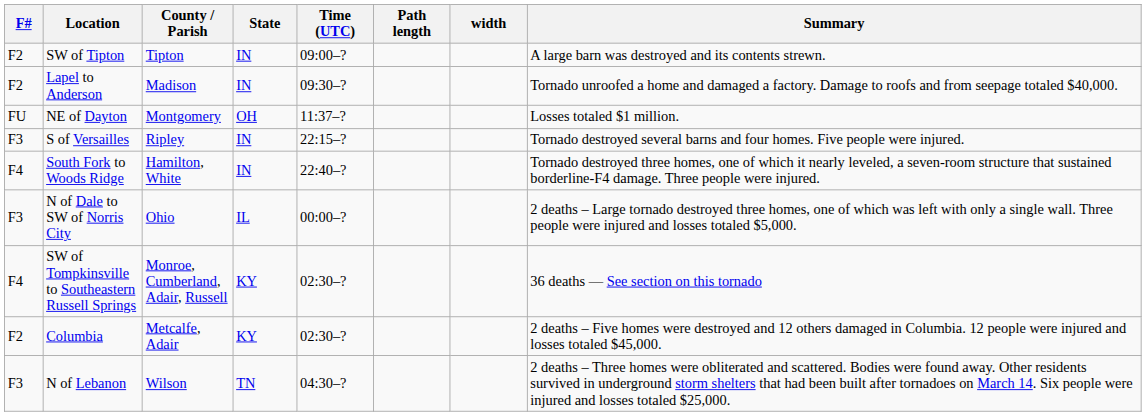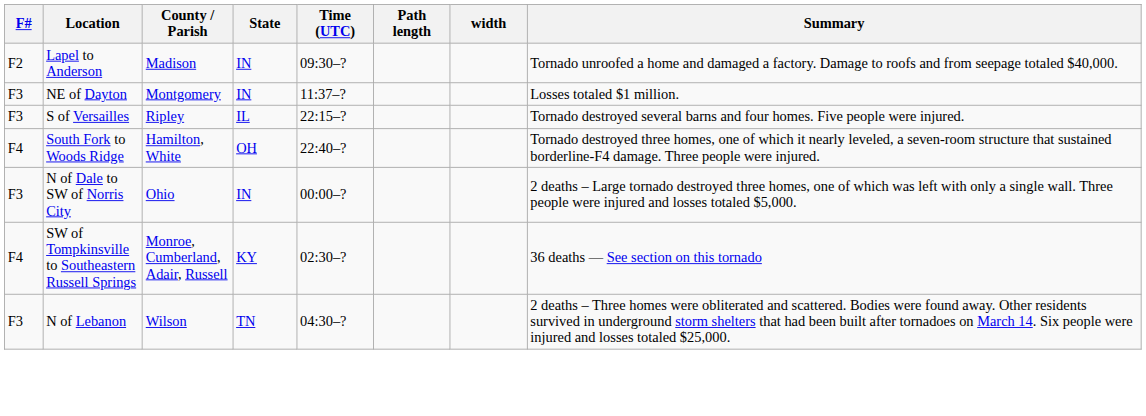 <table class="wikitable sortable" style="width:100%;">
 <tr>
 <th scope="col"  style="width:3%; text-align:center;"><a href='#'>F#</a></th>
 <th scope="col"  style="width:7%; text-align:center;" class="unsortable">Location</th>
 <th scope="col"  style="width:6%; text-align:center;" class="unsortable">County / Parish</th>
 <th scope="col"  style="width:5%; text-align:center;">State</th>
 <th scope="col"  style="width:6%; text-align:center;">Time (<a href='#'>UTC</a>)</th>
 <th scope="col"  style="width:6%; text-align:center;">Path length</th>
 <th scope="col"  style="width:6%; text-align:center;"> width</th>
 <th scope="col" class="unsortable" style="width:48%; text-align:center;">Summary</th>
 </tr>
 <tr>
 <td>F2</td>
-<td>SW of <a href='#'>Tipton</a></td>
-<td><a href='#'>Tipton</a></td>
-<td><a href='#'>IN</a></td>
-<td>09:00–?</td>
-<td></td>
-<td></td>
-<td>A large barn was destroyed and its contents strewn.</td>
-</tr>
-<tr>
-<td>F2</td>
 <td><a href='#'>Lapel</a> to <a href='#'>Anderson</a></td>
 <td><a href='#'>Madison</a></td>
 <td><a href='#'>IN</a></td>
 <td>09:30–?</td>
 <td></td>
 <td></td>
 <td>Tornado unroofed a home and damaged a factory. Damage to roofs and from seepage totaled $40,000.</td>
 </tr>
 <tr>
-<td>FU</td>
+<td>F3</td>
 <td>NE of <a href='#'>Dayton</a></td>
 <td><a href='#'>Montgomery</a></td>
-<td><a href='#'>OH</a></td>
+<td><a href='#'>IN</a></td>
 <td>11:37–?</td>
 <td></td>
 <td></td>
 <td>Losses totaled $1 million.</td>
 </tr>
 <tr>
 <td>F3</td>
 <td>S of <a href='#'>Versailles</a></td>
 <td><a href='#'>Ripley</a></td>
-<td><a href='#'>IN</a></td>
+<td><a href='#'>IL</a></td>
 <td>22:15–?</td>
 <td></td>
 <td></td>
 <td>Tornado destroyed several barns and four homes. Five people were injured.</td>
 </tr>
 <tr>
 <td>F4</td>
 <td><a href='#'>South Fork</a> to <a href='#'>Woods Ridge</a></td>
 <td><a href='#'>Hamilton</a>, <a href='#'>White</a></td>
-<td><a href='#'>IN</a></td>
+<td><a href='#'>OH</a></td>
 <td>22:40–?</td>
 <td></td>
 <td></td>
 <td>Tornado destroyed three homes, one of which it nearly leveled, a seven-room structure that sustained borderline-F4 damage. Three people were injured.</td>
 </tr>
 <tr>
 <td>F3</td>
 <td>N of <a href='#'>Dale</a> to SW of <a href='#'>Norris City</a></td>
 <td><a href='#'>Ohio</a></td>
-<td><a href='#'>IL</a></td>
+<td><a href='#'>IN</a></td>
 <td>00:00–?</td>
 <td></td>
 <td></td>
 <td>2 deaths – Large tornado destroyed three homes, one of which was left with only a single wall. Three people were injured and losses totaled $5,000.</td>
 </tr>
 <tr>
 <td>F4</td>
 <td>SW of <a href='#'>Tompkinsville</a> to <a href='#'>Southeastern Russell Springs</a></td>
 <td><a href='#'>Monroe</a>, <a href='#'>Cumberland</a>, <a href='#'>Adair</a>, <a href='#'>Russell</a></td>
 <td><a href='#'>KY</a></td>
 <td>02:30–?</td>
 <td></td>
 <td></td>
 <td>36 deaths — <a href='#'>See section on this tornado</a></td>
 </tr>
 <tr>
-<td>F2</td>
-<td><a href='#'>Columbia</a></td>
-<td><a href='#'>Metcalfe</a>, <a href='#'>Adair</a></td>
-<td><a href='#'>KY</a></td>
-<td>02:30–?</td>
-<td></td>
-<td></td>
-<td>2 deaths – Five homes were destroyed and 12 others damaged in Columbia. 12 people were injured and losses totaled $45,000.</td>
-</tr>
-<tr>
 <td>F3</td>
 <td>N of <a href='#'>Lebanon</a></td>
 <td><a href='#'>Wilson</a></td>
 <td><a href='#'>TN</a></td>
 <td>04:30–?</td>
 <td></td>
 <td></td>
 <td>2 deaths – Three homes were obliterated and scattered. Bodies were found  away. Other residents survived in underground <a href='#'>storm shelters</a> that had been built after tornadoes on <a href='#'>March 14</a>. Six people were injured and losses totaled $25,000.</td>
 </tr>
 </table>
